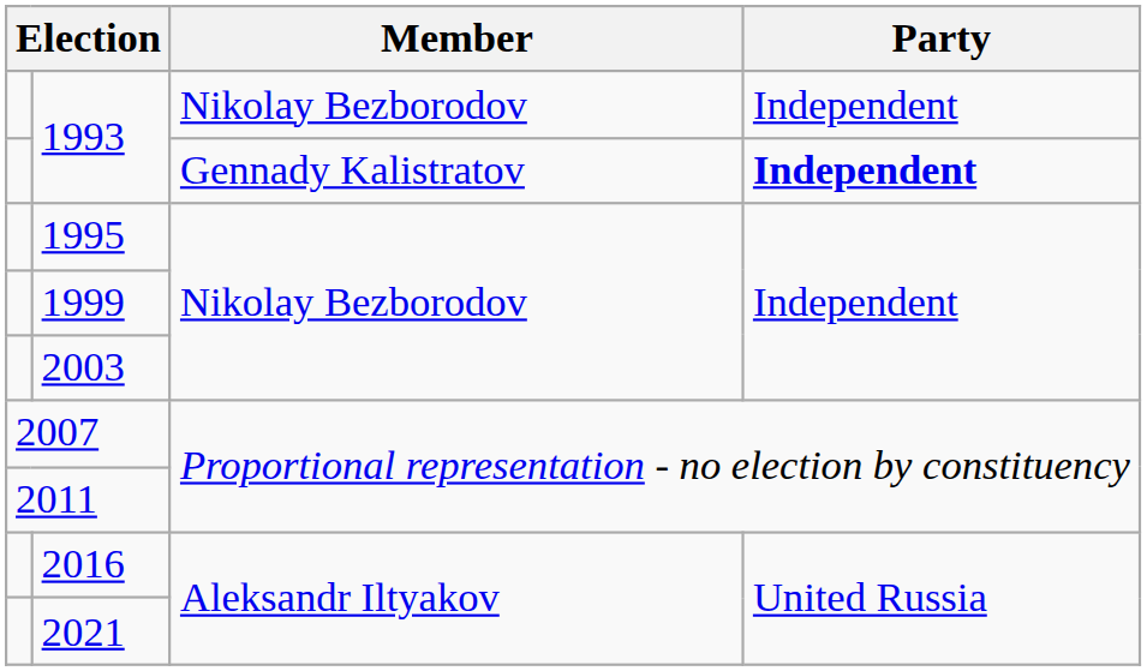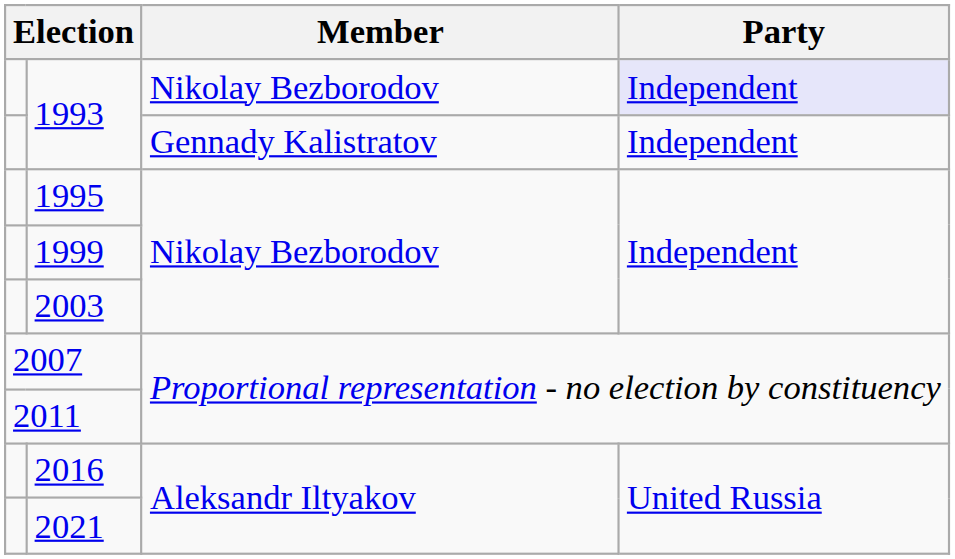 <table class="wikitable">
 <tr>
 <th colspan="2">Election</th>
 <th>Member</th>
 <th>Party</th>
 </tr>
 <tr>
 <td style="background-color: "></td>
 <td rowspan=2><a href='#'>1993</a></td>
 <td><a href='#'>Nikolay Bezborodov</a></td>
-<td><a href='#'>Independent</a></td>
+<td style="background: lavender;"><a href='#'>Independent</a></td>
 </tr>
 <tr>
 <td style="background-color: "></td>
 <td><a href='#'>Gennady Kalistratov</a></td>
-<td><strong><a href='#'>Independent</a></strong></td>
+<td><a href='#'>Independent</a></td>
 </tr>
 <tr>
 <td style="background-color: "></td>
 <td><a href='#'>1995</a></td>
 <td rowspan=3><a href='#'>Nikolay Bezborodov</a></td>
 <td rowspan=3><a href='#'>Independent</a></td>
 </tr>
 <tr>
 <td style="background-color: "></td>
 <td><a href='#'>1999</a></td>
 </tr>
 <tr>
 <td style="background-color: "></td>
 <td><a href='#'>2003</a></td>
 </tr>
 <tr>
 <td colspan=2><a href='#'>2007</a></td>
 <td colspan=2 rowspan=2><em><a href='#'>Proportional representation</a> - no election by constituency</em></td>
 </tr>
 <tr>
 <td colspan=2><a href='#'>2011</a></td>
 </tr>
 <tr>
 <td style="background-color: "></td>
 <td><a href='#'>2016</a></td>
 <td rowspan=2><a href='#'>Aleksandr Iltyakov</a></td>
 <td rowspan=2><a href='#'>United Russia</a></td>
 </tr>
 <tr>
 <td style="background-color: "></td>
 <td><a href='#'>2021</a></td>
 </tr>
 </table>
